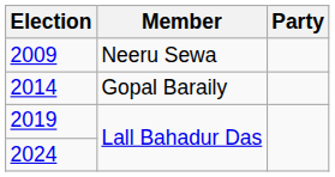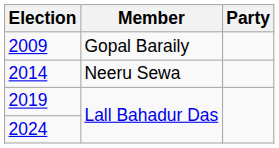 <table class="wikitable sortable">
 <tr>
 <th>Election</th>
 <th>Member</th>
 <th colspan=2>Party</th>
 </tr>
 <tr>
 <td><a href='#'>2009</a></td>
-<td>Neeru Sewa</td>
+<td>Gopal Baraily</td>
 <td></td>
 </tr>
 <tr>
 <td><a href='#'>2014</a></td>
-<td>Gopal Baraily</td>
+<td>Neeru Sewa</td>
 <td></td>
 </tr>
 <tr>
 <td><a href='#'>2019</a></td>
 <td rowspan=2><a href='#'>Lall Bahadur Das</a></td>
 </tr>
 <tr>
 <td><a href='#'>2024</a></td>
 </tr>
 </table>
